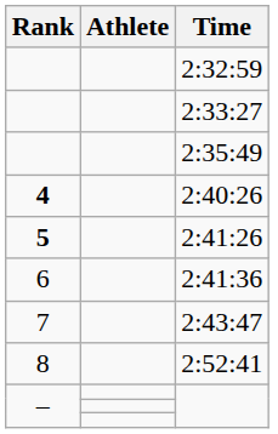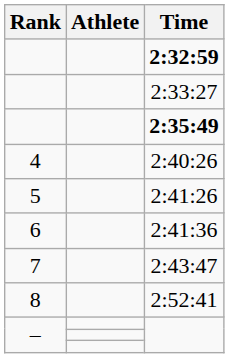 <table class="wikitable sortable"  style="text-align:center">
 <tr>
 <th>Rank</th>
 <th>Athlete</th>
 <th>Time</th>
 </tr>
 <tr>
 <td></td>
 <td align="left"></td>
-<td>2:32:59</td>
+<td><strong>2:32:59</strong></td>
 </tr>
 <tr>
 <td></td>
 <td align="left"></td>
 <td>2:33:27</td>
 </tr>
 <tr>
 <td></td>
 <td align="left"></td>
-<td>2:35:49</td>
+<td><strong>2:35:49</strong></td>
 </tr>
 <tr>
-<td><strong>4</strong></td>
+<td>4</td>
 <td align="left"></td>
 <td>2:40:26</td>
 </tr>
 <tr>
-<td><strong>5</strong></td>
+<td>5</td>
 <td align="left"></td>
 <td>2:41:26</td>
 </tr>
 <tr>
 <td>6</td>
 <td align="left"></td>
 <td>2:41:36</td>
 </tr>
 <tr>
 <td>7</td>
 <td align="left"></td>
 <td>2:43:47</td>
 </tr>
 <tr>
 <td>8</td>
 <td align="left"></td>
 <td>2:52:41</td>
 </tr>
 <tr>
 <td rowspan=3>–</td>
 <td align="left"></td>
 <td rowspan=3></td>
 </tr>
 <tr>
 <td align="left"></td>
 </tr>
 <tr>
 <td align="left"></td>
 </tr>
 </table>
